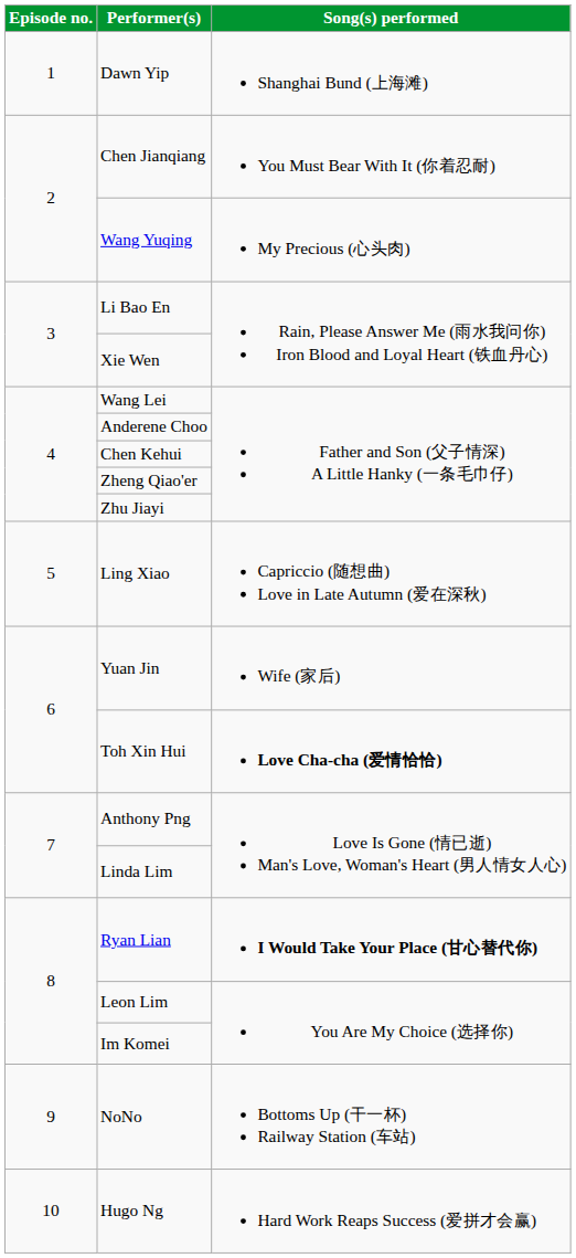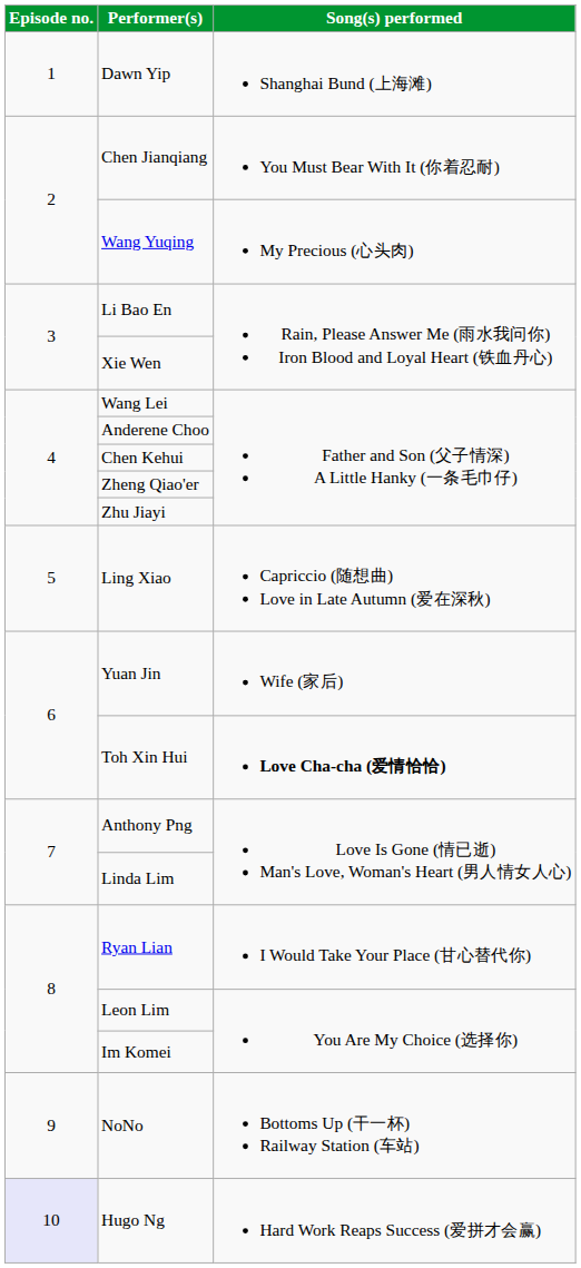 <table class="wikitable">
 <tr>
 <th style="background:#009530; color:white">Episode no.</th>
 <th style="background:#009530; color:white">Performer(s)</th>
 <th style="background:#009530; color:white">Song(s) performed</th>
 </tr>
 <tr>
 <td style="text-align: center;">1</td>
 <td>Dawn Yip</td>
 <td><br><ul><li>Shanghai Bund (上海滩)</li></ul></td>
 </tr>
 <tr>
 <td rowspan="2" style="text-align: center;">2</td>
 <td>Chen Jianqiang</td>
 <td><br><ul><li>You Must Bear With It (你着忍耐)</li></ul></td>
 </tr>
 <tr>
 <td><a href='#'>Wang Yuqing</a></td>
 <td><br><ul><li>My Precious (心头肉)</li></ul></td>
 </tr>
 <tr>
 <td rowspan="2" style="text-align: center;">3</td>
 <td>Li Bao En</td>
 <td rowspan="2" style="text-align: center;"><br><ul><li>Rain, Please Answer Me (雨水我问你)</li><li>Iron Blood and Loyal Heart (铁血丹心)</li></ul></td>
 </tr>
 <tr>
 <td>Xie Wen</td>
 </tr>
 <tr>
 <td rowspan="5" style="text-align: center;">4</td>
 <td>Wang Lei</td>
 <td rowspan="5" style="text-align: center;"><br><ul><li>Father and Son (父子情深)</li><li>A Little Hanky (一条毛巾仔)</li></ul></td>
 </tr>
 <tr>
 <td>Anderene Choo</td>
 </tr>
 <tr>
 <td>Chen Kehui</td>
 </tr>
 <tr>
 <td>Zheng Qiao'er</td>
 </tr>
 <tr>
 <td>Zhu Jiayi</td>
 </tr>
 <tr>
 <td style="text-align: center;">5</td>
 <td>Ling Xiao</td>
 <td><br><ul><li>Capriccio (随想曲)</li><li>Love in Late Autumn (爱在深秋)</li></ul></td>
 </tr>
 <tr>
 <td rowspan="2" style="text-align: center;">6</td>
 <td>Yuan Jin</td>
 <td><br><ul><li>Wife (家后)</li></ul></td>
 </tr>
 <tr>
 <td>Toh Xin Hui</td>
 <td><strong><br><ul><li>Love Cha-cha (爱情恰恰)</li></ul></strong></td>
 </tr>
 <tr>
 <td rowspan="2" style="text-align: center;">7</td>
 <td>Anthony Png</td>
 <td rowspan="2" style="text-align: center;"><br><ul><li>Love Is Gone (情已逝)</li><li>Man's Love, Woman's Heart (男人情女人心)</li></ul></td>
 </tr>
 <tr>
 <td>Linda Lim</td>
 </tr>
 <tr>
 <td rowspan="3" style="text-align: center;">8</td>
 <td><a href='#'>Ryan Lian</a></td>
-<td><strong><br><ul><li>I Would Take Your Place (甘心替代你)</li></ul></strong></td>
+<td><br><ul><li>I Would Take Your Place (甘心替代你)</li></ul></td>
 </tr>
 <tr>
 <td>Leon Lim</td>
 <td rowspan="2" style="text-align: center;"><br><ul><li>You Are My Choice (选择你)</li></ul></td>
 </tr>
 <tr>
 <td>Im Komei</td>
 </tr>
 <tr>
 <td style="text-align: center;">9</td>
 <td>NoNo</td>
 <td><br><ul><li>Bottoms Up (干一杯)</li><li>Railway Station (车站)</li></ul></td>
 </tr>
 <tr>
-<td style="text-align: center;">10</td>
+<td style="background: lavender; text-align: center;">10</td>
 <td>Hugo Ng</td>
 <td><br><ul><li>Hard Work Reaps Success (爱拼才会赢)</li></ul></td>
 </tr>
 </table>
